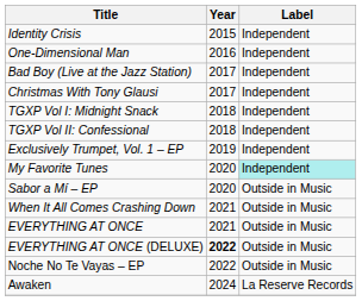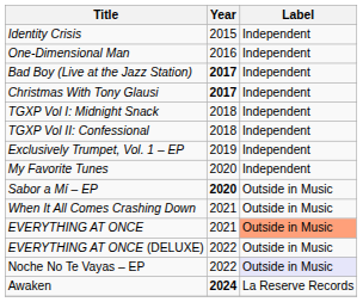 <table class="wikitable">
 <tr>
 <th>Title</th>
 <th>Year</th>
 <th>Label</th>
 </tr>
 <tr>
 <td><em>Identity Crisis</em></td>
 <td>2015</td>
 <td>Independent</td>
 </tr>
 <tr>
 <td><em>One-Dimensional Man</em></td>
 <td>2016</td>
 <td>Independent</td>
 </tr>
 <tr>
 <td><em>Bad Boy (Live at the Jazz Station)</em></td>
-<td>2017</td>
+<td><strong>2017</strong></td>
 <td>Independent</td>
 </tr>
 <tr>
 <td><em>Christmas With Tony Glausi</em></td>
-<td>2017</td>
+<td><strong>2017</strong></td>
 <td>Independent</td>
 </tr>
 <tr>
 <td><em>TGXP Vol I: Midnight Snack</em></td>
 <td>2018</td>
 <td>Independent</td>
 </tr>
 <tr>
 <td><em>TGXP Vol II: Confessional</em></td>
 <td>2018</td>
 <td>Independent</td>
 </tr>
 <tr>
 <td><em>Exclusively Trumpet, Vol. 1 – EP</em></td>
 <td>2019</td>
 <td>Independent</td>
 </tr>
 <tr>
 <td><em>My Favorite Tunes</em></td>
 <td>2020</td>
-<td style="background: paleturquoise;">Independent</td>
+<td>Independent</td>
 </tr>
 <tr>
 <td><em>Sabor a Mí – EP</em></td>
-<td>2020</td>
+<td><strong>2020</strong></td>
 <td>Outside in Music</td>
 </tr>
 <tr>
 <td><em>When It All Comes Crashing Down</em></td>
 <td>2021</td>
 <td>Outside in Music</td>
 </tr>
 <tr>
 <td><em>EVERYTHING AT ONCE </em></td>
 <td>2021</td>
-<td>Outside in Music</td>
+<td style="background: lightsalmon;">Outside in Music</td>
 </tr>
 <tr>
 <td><em>EVERYTHING AT ONCE </em>(DELUXE)<em></td>
-<td><strong>2022</strong></td>
+<td>2022</td>
 <td>Outside in Music</td>
 </tr>
 <tr>
 <td></em>Noche No Te Vayas – EP<em></td>
 <td>2022</td>
-<td>Outside in Music</td>
+<td style="background: lavender;">Outside in Music</td>
 </tr>
 <tr>
 <td></em>Awaken<em></td>
-<td>2024</td>
+<td><strong>2024</strong></td>
 <td>La Reserve Records</td>
 </tr>
 <tr>
 </tr>
 </table>
